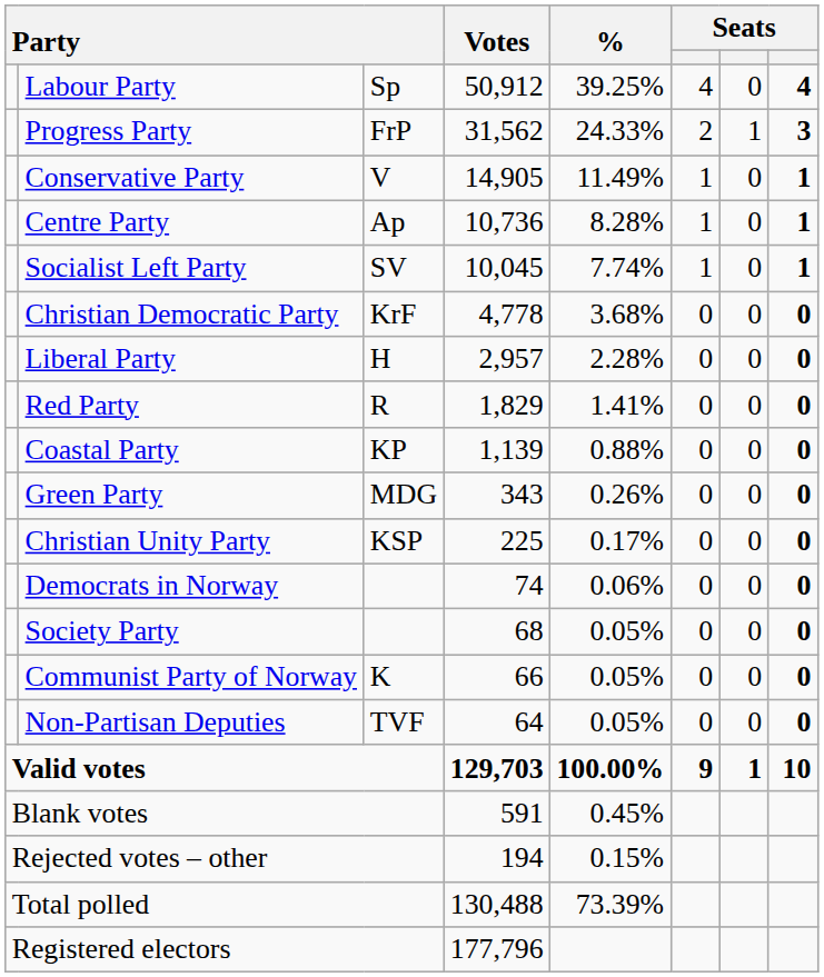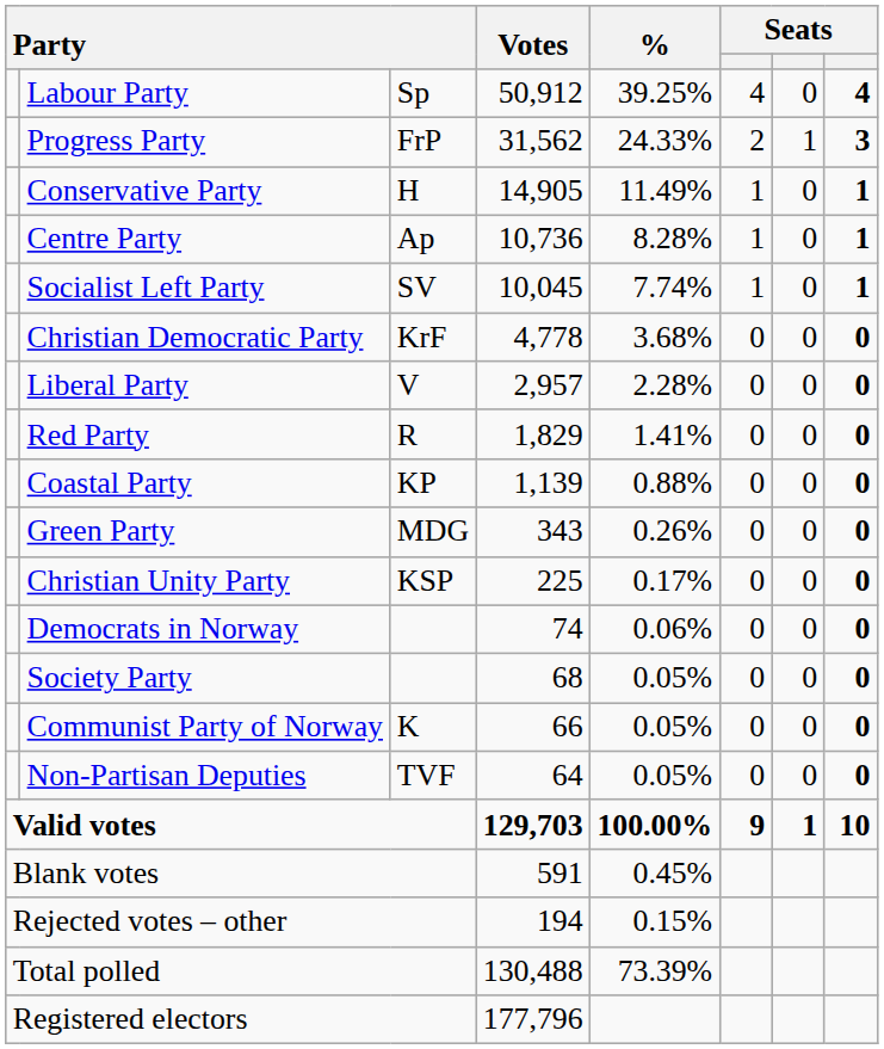 <table class="wikitable" border="1" style="text-align:right">
 <tr>
 <th style="text-align:left" valign=bottom rowspan=2 colspan=3>Party</th>
 <th align=center valign=bottom rowspan=2 width="50">Votes</th>
 <th align=center valign=bottom rowspan=2 width="50">%</th>
 <th colspan=3>Seats</th>
 </tr>
 <tr>
 <th align=center valign=bottom width="20"><small></small></th>
 <th align=center valign=bottom width="20"><small><a href='#'></a></small></th>
 <th align=center valign=bottom width="20"><small></small></th>
 </tr>
 <tr>
 <td style="color:inherit;background:"></td>
 <td align=left><a href='#'>Labour Party</a></td>
 <td align=left>Sp</td>
 <td>50,912</td>
 <td>39.25%</td>
 <td>4</td>
 <td>0</td>
 <td><strong>4</strong></td>
 </tr>
 <tr>
 <td style="color:inherit;background:"></td>
 <td align=left><a href='#'>Progress Party</a></td>
 <td align=left>FrP</td>
 <td>31,562</td>
 <td>24.33%</td>
 <td>2</td>
 <td>1</td>
 <td><strong>3</strong></td>
 </tr>
 <tr>
 <td style="color:inherit;background:"></td>
 <td align=left><a href='#'>Conservative Party</a></td>
-<td align=left>V</td>
+<td align=left>H</td>
 <td>14,905</td>
 <td>11.49%</td>
 <td>1</td>
 <td>0</td>
 <td><strong>1</strong></td>
 </tr>
 <tr>
 <td style="color:inherit;background:"></td>
 <td align=left><a href='#'>Centre Party</a></td>
 <td align=left>Ap</td>
 <td>10,736</td>
 <td>8.28%</td>
 <td>1</td>
 <td>0</td>
 <td><strong>1</strong></td>
 </tr>
 <tr>
 <td style="color:inherit;background:"></td>
 <td align=left><a href='#'>Socialist Left Party</a></td>
 <td align=left>SV</td>
 <td>10,045</td>
 <td>7.74%</td>
 <td>1</td>
 <td>0</td>
 <td><strong>1</strong></td>
 </tr>
 <tr>
 <td style="color:inherit;background:"></td>
 <td align=left><a href='#'>Christian Democratic Party</a></td>
 <td align=left>KrF</td>
 <td>4,778</td>
 <td>3.68%</td>
 <td>0</td>
 <td>0</td>
 <td><strong>0</strong></td>
 </tr>
 <tr>
 <td style="color:inherit;background:"></td>
 <td align=left><a href='#'>Liberal Party</a></td>
-<td align=left>H</td>
+<td align=left>V</td>
 <td>2,957</td>
 <td>2.28%</td>
 <td>0</td>
 <td>0</td>
 <td><strong>0</strong></td>
 </tr>
 <tr>
 <td style="color:inherit;background:"></td>
 <td align=left><a href='#'>Red Party</a></td>
 <td align=left>R</td>
 <td>1,829</td>
 <td>1.41%</td>
 <td>0</td>
 <td>0</td>
 <td><strong>0</strong></td>
 </tr>
 <tr>
 <td style="color:inherit;background:"></td>
 <td align=left><a href='#'>Coastal Party</a></td>
 <td align=left>KP</td>
 <td>1,139</td>
 <td>0.88%</td>
 <td>0</td>
 <td>0</td>
 <td><strong>0</strong></td>
 </tr>
 <tr>
 <td style="color:inherit;background:"></td>
 <td align=left><a href='#'>Green Party</a></td>
 <td align=left>MDG</td>
 <td>343</td>
 <td>0.26%</td>
 <td>0</td>
 <td>0</td>
 <td><strong>0</strong></td>
 </tr>
 <tr>
 <td style="color:inherit;background:"></td>
 <td align=left><a href='#'>Christian Unity Party</a></td>
 <td align=left>KSP</td>
 <td>225</td>
 <td>0.17%</td>
 <td>0</td>
 <td>0</td>
 <td><strong>0</strong></td>
 </tr>
 <tr>
 <td style="color:inherit;background:"></td>
 <td align=left><a href='#'>Democrats in Norway</a></td>
 <td></td>
 <td>74</td>
 <td>0.06%</td>
 <td>0</td>
 <td>0</td>
 <td><strong>0</strong></td>
 </tr>
 <tr>
 <td style="color:inherit;background:"></td>
 <td align=left><a href='#'>Society Party</a></td>
 <td></td>
 <td>68</td>
 <td>0.05%</td>
 <td>0</td>
 <td>0</td>
 <td><strong>0</strong></td>
 </tr>
 <tr>
 <td style="color:inherit;background:"></td>
 <td align=left><a href='#'>Communist Party of Norway</a></td>
 <td align=left>K</td>
 <td>66</td>
 <td>0.05%</td>
 <td>0</td>
 <td>0</td>
 <td><strong>0</strong></td>
 </tr>
 <tr>
 <td></td>
 <td align=left><a href='#'>Non-Partisan Deputies</a></td>
 <td align=left>TVF</td>
 <td>64</td>
 <td>0.05%</td>
 <td>0</td>
 <td>0</td>
 <td><strong>0</strong></td>
 </tr>
 <tr style="font-weight:bold">
 <td align=left colspan=3>Valid votes</td>
 <td>129,703</td>
 <td>100.00%</td>
 <td>9</td>
 <td>1</td>
 <td>10</td>
 </tr>
 <tr>
 <td align=left colspan=3>Blank votes</td>
 <td>591</td>
 <td>0.45%</td>
 <td></td>
 <td></td>
 <td></td>
 </tr>
 <tr>
 <td align=left colspan=3>Rejected votes – other</td>
 <td>194</td>
 <td>0.15%</td>
 <td></td>
 <td></td>
 <td></td>
 </tr>
 <tr>
 <td align=left colspan=3>Total polled</td>
 <td>130,488</td>
 <td>73.39%</td>
 <td></td>
 <td></td>
 <td></td>
 </tr>
 <tr>
 <td align=left colspan=3>Registered electors</td>
 <td>177,796</td>
 <td></td>
 <td></td>
 <td></td>
 <td></td>
 </tr>
 </table>
